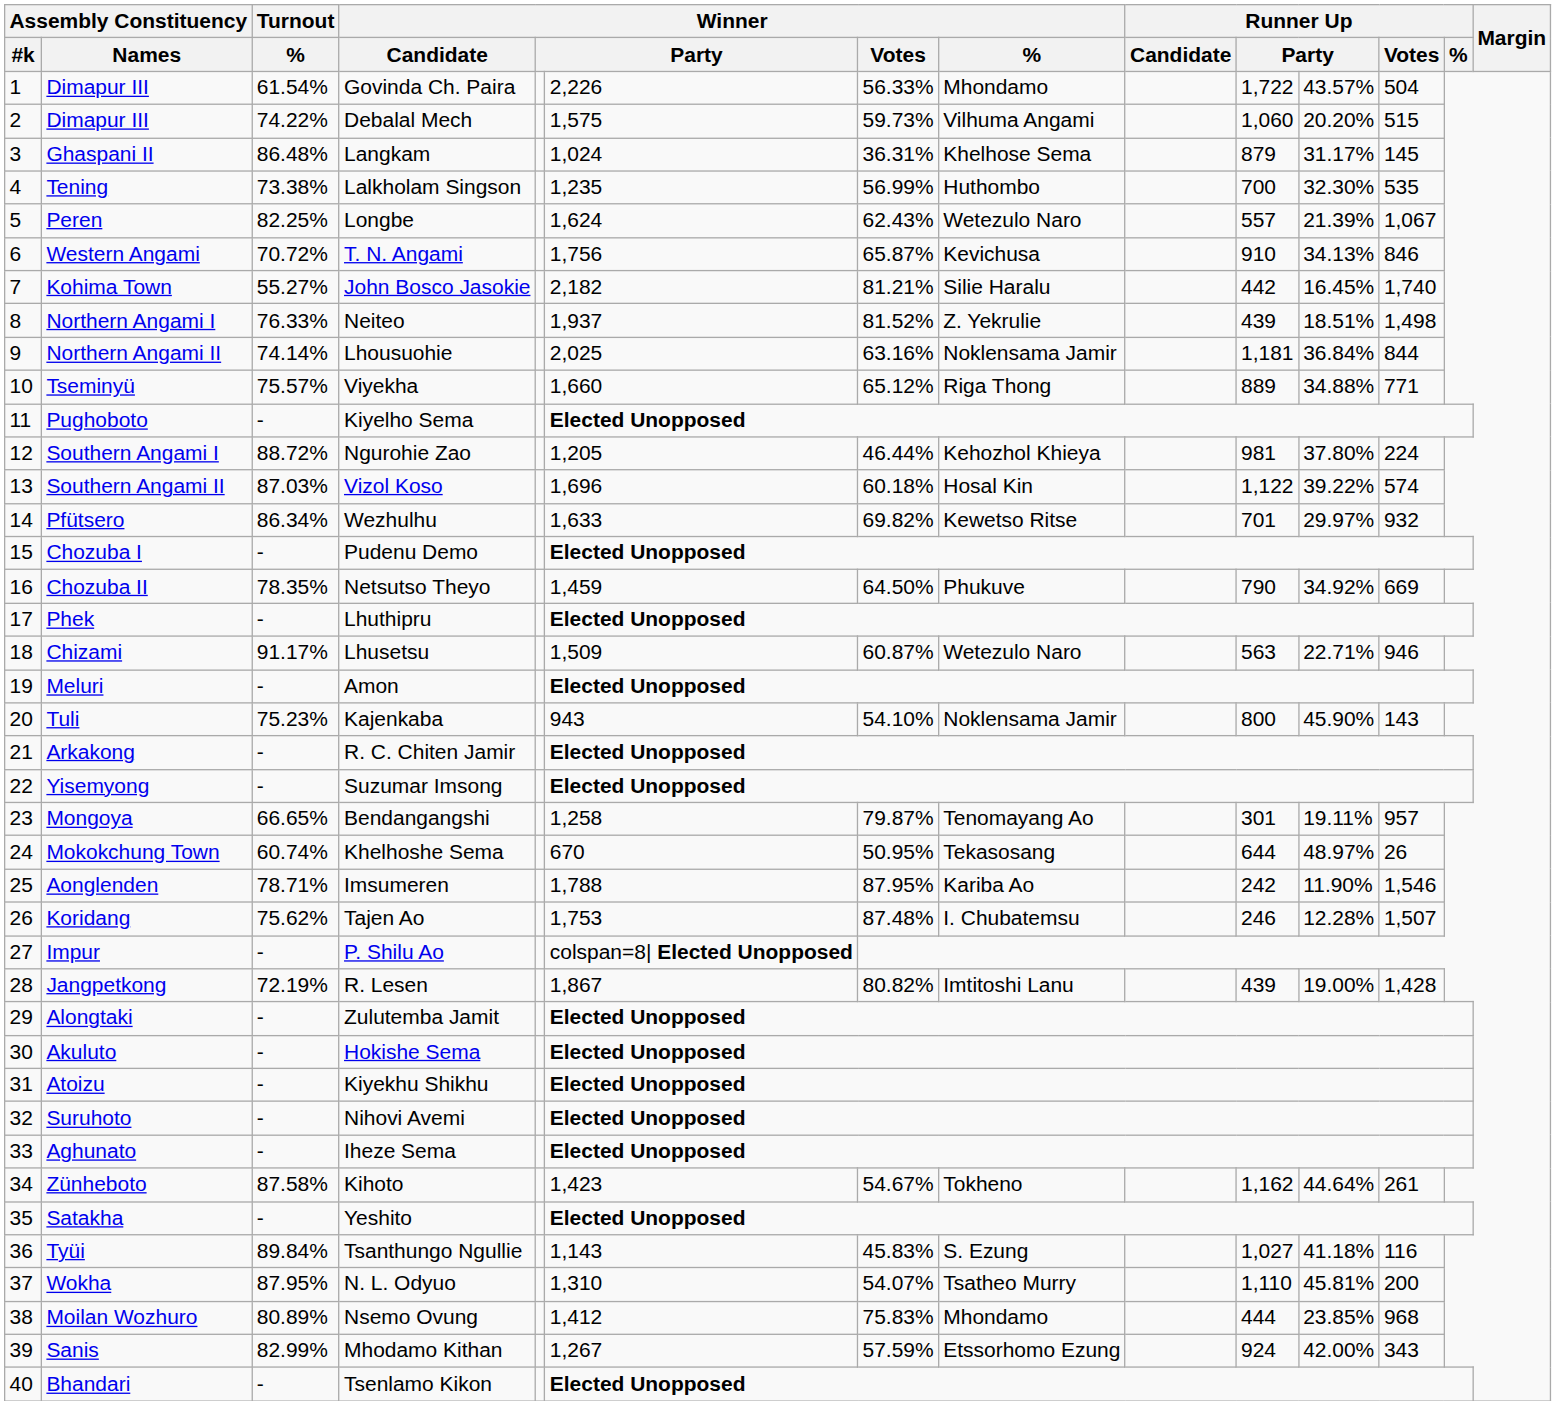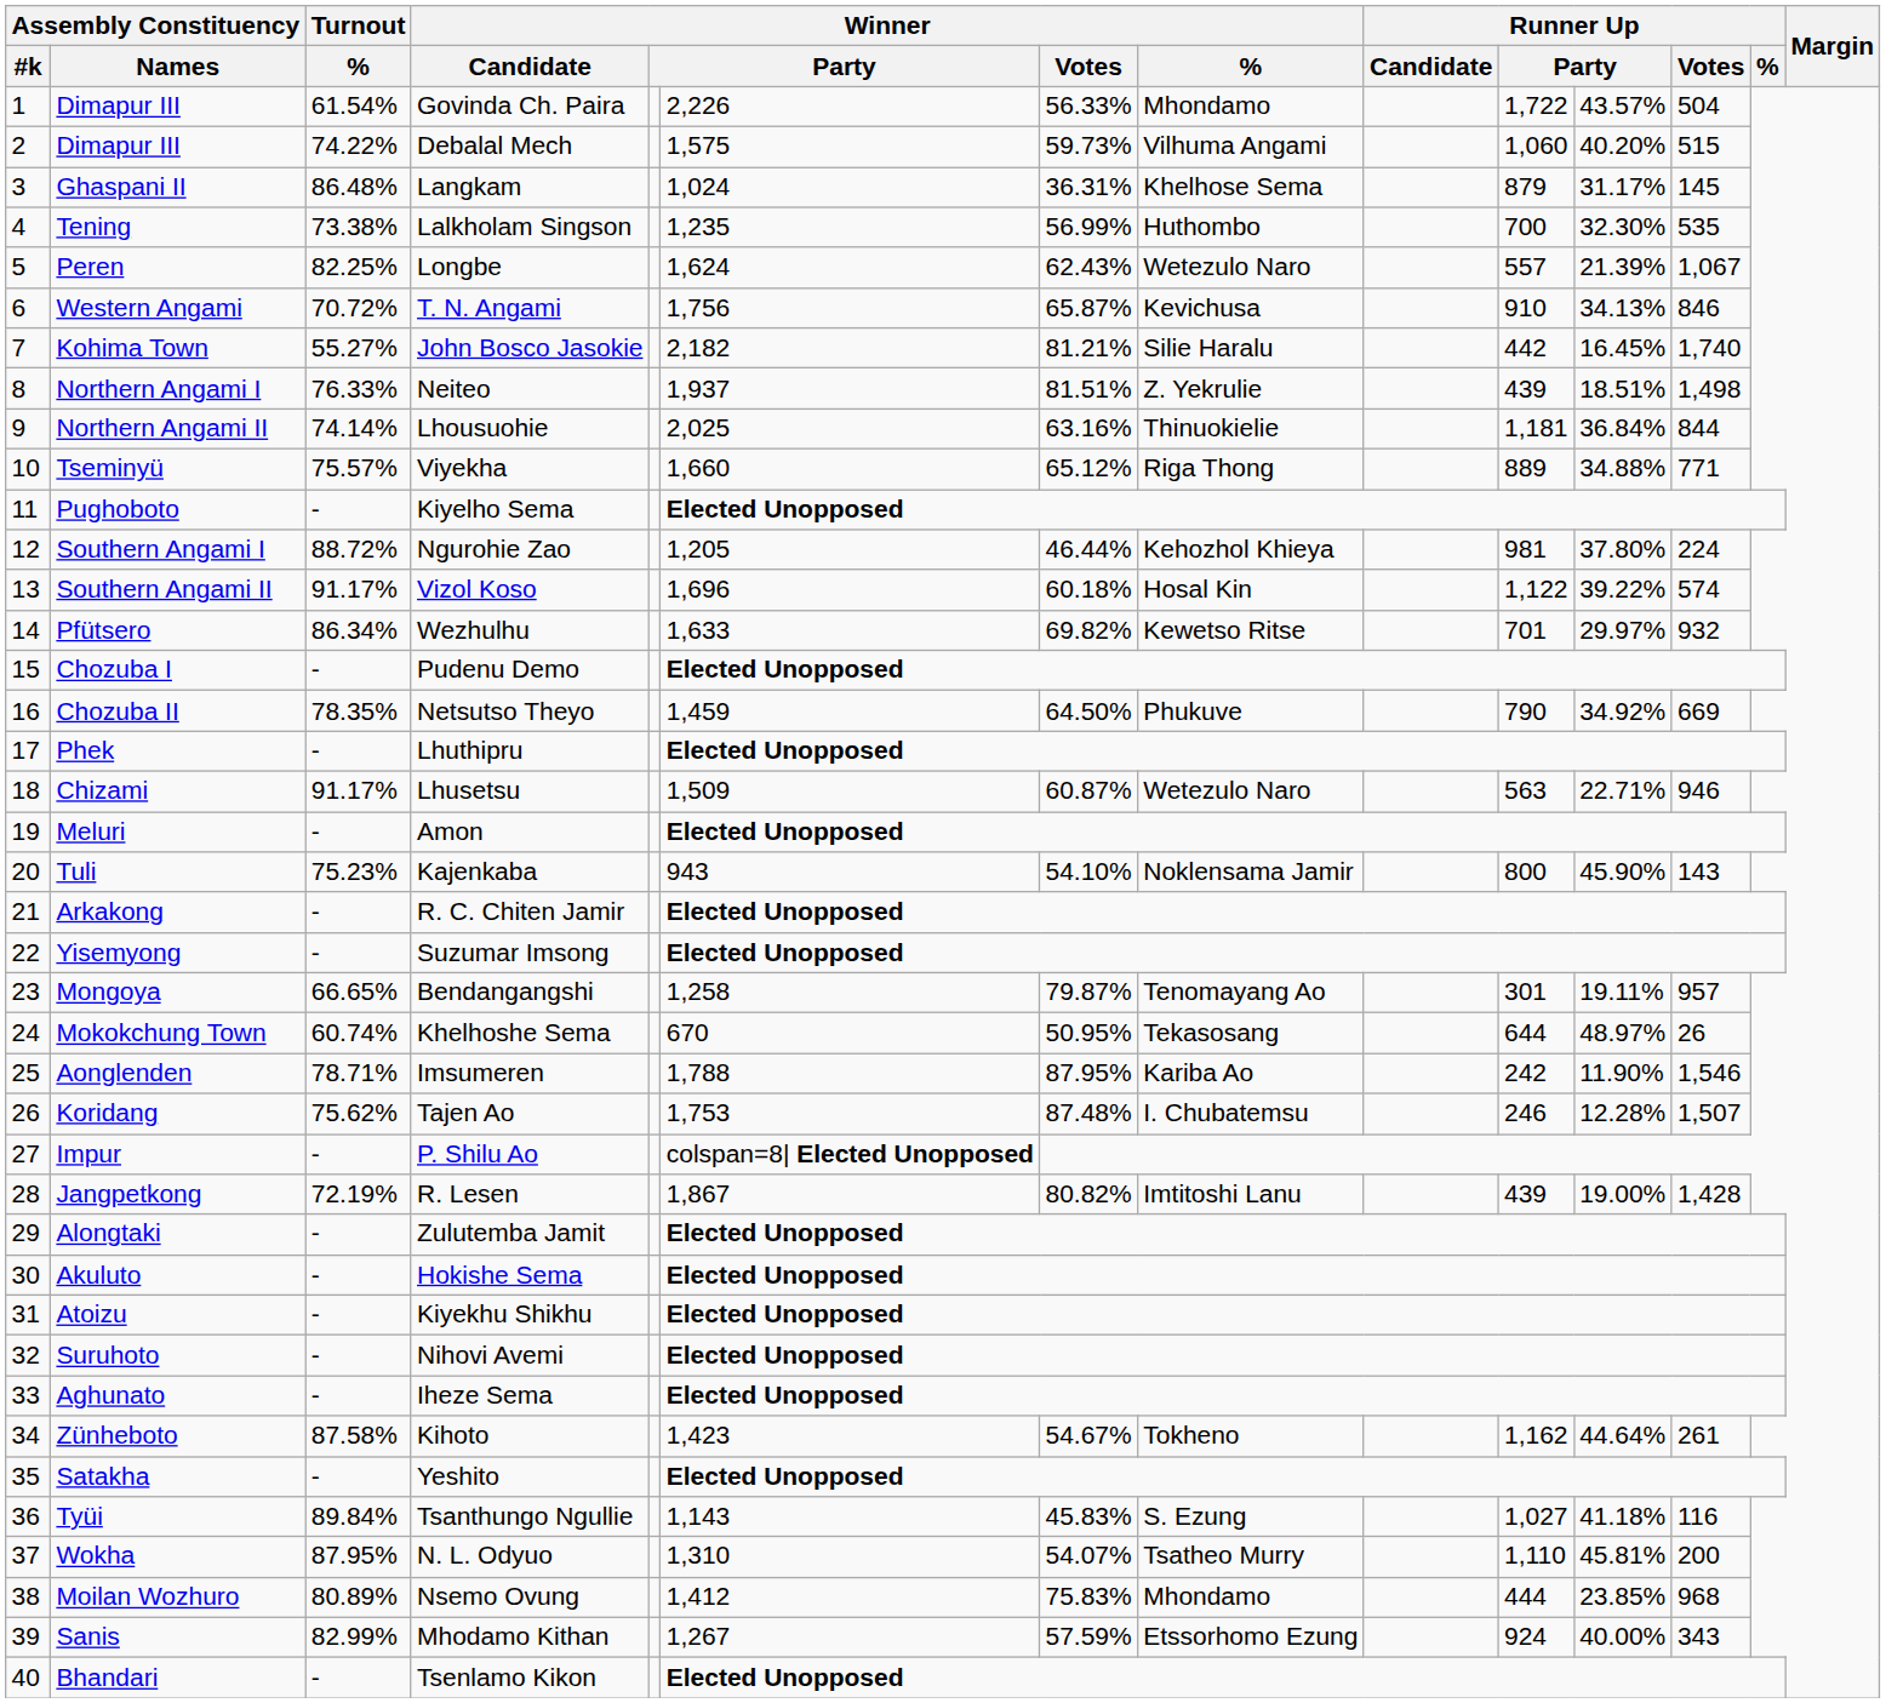 <table class="wikitable sortable">
 <tr>
 <th colspan="2">Assembly Constituency</th>
 <th>Turnout</th>
 <th colspan="5">Winner</th>
 <th colspan="5">Runner Up</th>
 <th rowspan="2" data-sort-type=number>Margin</th>
 </tr>
 <tr>
 <th>#k</th>
 <th>Names</th>
 <th>%</th>
 <th>Candidate</th>
 <th colspan="2">Party</th>
 <th data-sort-type=number>Votes</th>
 <th>%</th>
 <th>Candidate</th>
 <th colspan="2">Party</th>
 <th data-sort-type=number>Votes</th>
 <th>%</th>
 </tr>
 <tr>
 <td>1</td>
 <td><a href='#'>Dimapur III</a></td>
 <td>61.54%</td>
 <td>Govinda Ch. Paira</td>
 <td></td>
 <td>2,226</td>
 <td>56.33%</td>
 <td>Mhondamo</td>
 <td></td>
 <td>1,722</td>
 <td>43.57%</td>
 <td>504</td>
 </tr>
 <tr>
 <td>2</td>
 <td><a href='#'>Dimapur III</a></td>
 <td>74.22%</td>
 <td>Debalal Mech</td>
 <td></td>
 <td>1,575</td>
 <td>59.73%</td>
 <td>Vilhuma Angami</td>
 <td></td>
 <td>1,060</td>
-<td>20.20%</td>
+<td>40.20%</td>
 <td>515</td>
 </tr>
 <tr>
 <td>3</td>
 <td><a href='#'>Ghaspani II</a></td>
 <td>86.48%</td>
 <td>Langkam</td>
 <td></td>
 <td>1,024</td>
 <td>36.31%</td>
 <td>Khelhose Sema</td>
 <td></td>
 <td>879</td>
 <td>31.17%</td>
 <td>145</td>
 </tr>
 <tr>
 <td>4</td>
 <td><a href='#'>Tening</a></td>
 <td>73.38%</td>
 <td>Lalkholam Singson</td>
 <td></td>
 <td>1,235</td>
 <td>56.99%</td>
 <td>Huthombo</td>
 <td></td>
 <td>700</td>
 <td>32.30%</td>
 <td>535</td>
 </tr>
 <tr>
 <td>5</td>
 <td><a href='#'>Peren</a></td>
 <td>82.25%</td>
 <td>Longbe</td>
 <td></td>
 <td>1,624</td>
 <td>62.43%</td>
 <td>Wetezulo Naro</td>
 <td></td>
 <td>557</td>
 <td>21.39%</td>
 <td>1,067</td>
 </tr>
 <tr>
 <td>6</td>
 <td><a href='#'>Western Angami</a></td>
 <td>70.72%</td>
 <td><a href='#'>T. N. Angami</a></td>
 <td></td>
 <td>1,756</td>
 <td>65.87%</td>
 <td>Kevichusa</td>
 <td></td>
 <td>910</td>
 <td>34.13%</td>
 <td>846</td>
 </tr>
 <tr>
 <td>7</td>
 <td><a href='#'>Kohima Town</a></td>
 <td>55.27%</td>
 <td><a href='#'>John Bosco Jasokie</a></td>
 <td></td>
 <td>2,182</td>
 <td>81.21%</td>
 <td>Silie Haralu</td>
 <td></td>
 <td>442</td>
 <td>16.45%</td>
 <td>1,740</td>
 </tr>
 <tr>
 <td>8</td>
 <td><a href='#'>Northern Angami I</a></td>
 <td>76.33%</td>
 <td>Neiteo</td>
 <td></td>
 <td>1,937</td>
-<td>81.52%</td>
+<td>81.51%</td>
 <td>Z. Yekrulie</td>
 <td></td>
 <td>439</td>
 <td>18.51%</td>
 <td>1,498</td>
 </tr>
 <tr>
 <td>9</td>
 <td><a href='#'>Northern Angami II</a></td>
 <td>74.14%</td>
 <td>Lhousuohie</td>
 <td></td>
 <td>2,025</td>
 <td>63.16%</td>
-<td>Noklensama Jamir</td>
+<td>Thinuokielie</td>
 <td></td>
 <td>1,181</td>
 <td>36.84%</td>
 <td>844</td>
 </tr>
 <tr>
 <td>10</td>
 <td><a href='#'>Tseminyü</a></td>
 <td>75.57%</td>
 <td>Viyekha</td>
 <td></td>
 <td>1,660</td>
 <td>65.12%</td>
 <td>Riga Thong</td>
 <td></td>
 <td>889</td>
 <td>34.88%</td>
 <td>771</td>
 </tr>
 <tr>
 <td>11</td>
 <td><a href='#'>Pughoboto</a></td>
 <td>-</td>
 <td>Kiyelho Sema</td>
 <td></td>
 <td colspan=8><strong>Elected Unopposed</strong></td>
 </tr>
 <tr>
 <td>12</td>
 <td><a href='#'>Southern Angami I</a></td>
 <td>88.72%</td>
 <td>Ngurohie Zao</td>
 <td></td>
 <td>1,205</td>
 <td>46.44%</td>
 <td>Kehozhol Khieya</td>
 <td></td>
 <td>981</td>
 <td>37.80%</td>
 <td>224</td>
 </tr>
 <tr>
 <td>13</td>
 <td><a href='#'>Southern Angami II</a></td>
-<td>87.03%</td>
+<td>91.17%</td>
 <td><a href='#'>Vizol Koso</a></td>
 <td></td>
 <td>1,696</td>
 <td>60.18%</td>
 <td>Hosal Kin</td>
 <td></td>
 <td>1,122</td>
 <td>39.22%</td>
 <td>574</td>
 </tr>
 <tr>
 <td>14</td>
 <td><a href='#'>Pfütsero</a></td>
 <td>86.34%</td>
 <td>Wezhulhu</td>
 <td></td>
 <td>1,633</td>
 <td>69.82%</td>
 <td>Kewetso Ritse</td>
 <td></td>
 <td>701</td>
 <td>29.97%</td>
 <td>932</td>
 </tr>
 <tr>
 <td>15</td>
 <td><a href='#'>Chozuba I</a></td>
 <td>-</td>
 <td>Pudenu Demo</td>
 <td></td>
 <td colspan=8><strong>Elected Unopposed</strong></td>
 </tr>
 <tr>
 <td>16</td>
 <td><a href='#'>Chozuba II</a></td>
 <td>78.35%</td>
 <td>Netsutso Theyo</td>
 <td></td>
 <td>1,459</td>
 <td>64.50%</td>
 <td>Phukuve</td>
 <td></td>
 <td>790</td>
 <td>34.92%</td>
 <td>669</td>
 </tr>
 <tr>
 <td>17</td>
 <td><a href='#'>Phek</a></td>
 <td>-</td>
 <td>Lhuthipru</td>
 <td></td>
 <td colspan=8><strong>Elected Unopposed</strong></td>
 </tr>
 <tr>
 <td>18</td>
 <td><a href='#'>Chizami</a></td>
 <td>91.17%</td>
 <td>Lhusetsu</td>
 <td></td>
 <td>1,509</td>
 <td>60.87%</td>
 <td>Wetezulo Naro</td>
 <td></td>
 <td>563</td>
 <td>22.71%</td>
 <td>946</td>
 </tr>
 <tr>
 <td>19</td>
 <td><a href='#'>Meluri</a></td>
 <td>-</td>
 <td>Amon</td>
 <td></td>
 <td colspan=8><strong>Elected Unopposed</strong></td>
 </tr>
 <tr>
 <td>20</td>
 <td><a href='#'>Tuli</a></td>
 <td>75.23%</td>
 <td>Kajenkaba</td>
 <td></td>
 <td>943</td>
 <td>54.10%</td>
 <td>Noklensama Jamir</td>
 <td></td>
 <td>800</td>
 <td>45.90%</td>
 <td>143</td>
 </tr>
 <tr>
 <td>21</td>
 <td><a href='#'>Arkakong</a></td>
 <td>-</td>
 <td>R. C. Chiten Jamir</td>
 <td></td>
 <td colspan=8><strong>Elected Unopposed</strong></td>
 </tr>
 <tr>
 <td>22</td>
 <td><a href='#'>Yisemyong</a></td>
 <td>-</td>
 <td>Suzumar Imsong</td>
 <td></td>
 <td colspan=8><strong>Elected Unopposed</strong></td>
 </tr>
 <tr>
 <td>23</td>
 <td><a href='#'>Mongoya</a></td>
 <td>66.65%</td>
 <td>Bendangangshi</td>
 <td></td>
 <td>1,258</td>
 <td>79.87%</td>
 <td>Tenomayang Ao</td>
 <td></td>
 <td>301</td>
 <td>19.11%</td>
 <td>957</td>
 </tr>
 <tr>
 <td>24</td>
 <td><a href='#'>Mokokchung Town</a></td>
 <td>60.74%</td>
 <td>Khelhoshe Sema</td>
 <td></td>
 <td>670</td>
 <td>50.95%</td>
 <td>Tekasosang</td>
 <td></td>
 <td>644</td>
 <td>48.97%</td>
 <td>26</td>
 </tr>
 <tr>
 <td>25</td>
 <td><a href='#'>Aonglenden</a></td>
 <td>78.71%</td>
 <td>Imsumeren</td>
 <td></td>
 <td>1,788</td>
 <td>87.95%</td>
 <td>Kariba Ao</td>
 <td></td>
 <td>242</td>
 <td>11.90%</td>
 <td>1,546</td>
 </tr>
 <tr>
 <td>26</td>
 <td><a href='#'>Koridang</a></td>
 <td>75.62%</td>
 <td>Tajen Ao</td>
 <td></td>
 <td>1,753</td>
 <td>87.48%</td>
 <td>I. Chubatemsu</td>
 <td></td>
 <td>246</td>
 <td>12.28%</td>
 <td>1,507</td>
 </tr>
 <tr>
 <td>27</td>
 <td><a href='#'>Impur</a></td>
 <td>-</td>
 <td><a href='#'>P. Shilu Ao</a></td>
 <td></td>
 <td>colspan=8| <strong>Elected Unopposed</strong></td>
 </tr>
 <tr>
 <td>28</td>
 <td><a href='#'>Jangpetkong</a></td>
 <td>72.19%</td>
 <td>R. Lesen</td>
 <td></td>
 <td>1,867</td>
 <td>80.82%</td>
 <td>Imtitoshi Lanu</td>
 <td></td>
 <td>439</td>
 <td>19.00%</td>
 <td>1,428</td>
 </tr>
 <tr>
 <td>29</td>
 <td><a href='#'>Alongtaki</a></td>
 <td>-</td>
 <td>Zulutemba Jamit</td>
 <td></td>
 <td colspan=8><strong>Elected Unopposed</strong></td>
 </tr>
 <tr>
 <td>30</td>
 <td><a href='#'>Akuluto</a></td>
 <td>-</td>
 <td><a href='#'>Hokishe Sema</a></td>
 <td></td>
 <td colspan=8><strong>Elected Unopposed</strong></td>
 </tr>
 <tr>
 <td>31</td>
 <td><a href='#'>Atoizu</a></td>
 <td>-</td>
 <td>Kiyekhu Shikhu</td>
 <td></td>
 <td colspan=8><strong>Elected Unopposed</strong></td>
 </tr>
 <tr>
 <td>32</td>
 <td><a href='#'>Suruhoto</a></td>
 <td>-</td>
 <td>Nihovi Avemi</td>
 <td></td>
 <td colspan=8><strong>Elected Unopposed</strong></td>
 </tr>
 <tr>
 <td>33</td>
 <td><a href='#'>Aghunato</a></td>
 <td>-</td>
 <td>Iheze Sema</td>
 <td></td>
 <td colspan=8><strong>Elected Unopposed</strong></td>
 </tr>
 <tr>
 <td>34</td>
 <td><a href='#'>Zünheboto</a></td>
 <td>87.58%</td>
 <td>Kihoto</td>
 <td></td>
 <td>1,423</td>
 <td>54.67%</td>
 <td>Tokheno</td>
 <td></td>
 <td>1,162</td>
 <td>44.64%</td>
 <td>261</td>
 </tr>
 <tr>
 <td>35</td>
 <td><a href='#'>Satakha</a></td>
 <td>-</td>
 <td>Yeshito</td>
 <td></td>
 <td colspan=8><strong>Elected Unopposed</strong></td>
 </tr>
 <tr>
 <td>36</td>
 <td><a href='#'>Tyüi</a></td>
 <td>89.84%</td>
 <td>Tsanthungo Ngullie</td>
 <td></td>
 <td>1,143</td>
 <td>45.83%</td>
 <td>S. Ezung</td>
 <td></td>
 <td>1,027</td>
 <td>41.18%</td>
 <td>116</td>
 </tr>
 <tr>
 <td>37</td>
 <td><a href='#'>Wokha</a></td>
 <td>87.95%</td>
 <td>N. L. Odyuo</td>
 <td></td>
 <td>1,310</td>
 <td>54.07%</td>
 <td>Tsatheo Murry</td>
 <td></td>
 <td>1,110</td>
 <td>45.81%</td>
 <td>200</td>
 </tr>
 <tr>
 <td>38</td>
 <td><a href='#'>Moilan Wozhuro</a></td>
 <td>80.89%</td>
 <td>Nsemo Ovung</td>
 <td></td>
 <td>1,412</td>
 <td>75.83%</td>
 <td>Mhondamo</td>
 <td></td>
 <td>444</td>
 <td>23.85%</td>
 <td>968</td>
 </tr>
 <tr>
 <td>39</td>
 <td><a href='#'>Sanis</a></td>
 <td>82.99%</td>
 <td>Mhodamo Kithan</td>
 <td></td>
 <td>1,267</td>
 <td>57.59%</td>
 <td>Etssorhomo Ezung</td>
 <td></td>
 <td>924</td>
-<td>42.00%</td>
+<td>40.00%</td>
 <td>343</td>
 </tr>
 <tr>
 <td>40</td>
 <td><a href='#'>Bhandari</a></td>
 <td>-</td>
 <td>Tsenlamo Kikon</td>
 <td></td>
 <td colspan=8><strong>Elected Unopposed</strong></td>
 </tr>
 </table>
